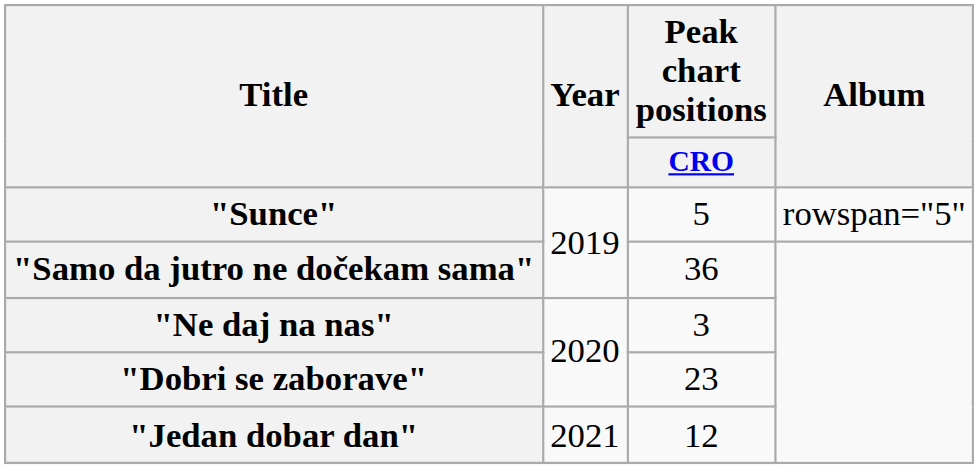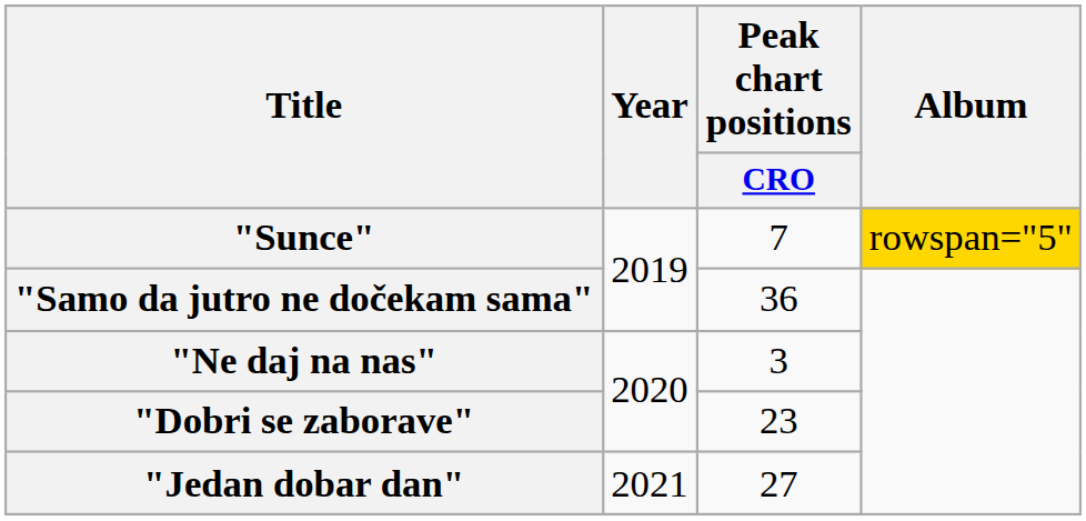 <table class="wikitable plainrowheaders" style="text-align:center;">
 <tr>
 <th scope="col" rowspan="2">Title</th>
 <th scope="col" rowspan="2">Year</th>
 <th scope="col" colspan="1">Peak chart positions</th>
 <th scope="col" rowspan="2">Album</th>
 </tr>
 <tr>
 <th scope="col" style="width:3em; font-size:85%;"><a href='#'>CRO</a><br></th>
 </tr>
 <tr>
 <th scope="row">"Sunce"</th>
 <td rowspan="2">2019</td>
-<td>5</td>
-<td>rowspan="5" </td>
+<td>7</td>
+<td style="background: gold;">rowspan="5" </td>
 </tr>
 <tr>
 <th scope="row">"Samo da jutro ne dočekam sama"</th>
 <td>36</td>
 </tr>
 <tr>
 <th scope="row">"Ne daj na nas"</th>
 <td rowspan="2">2020</td>
 <td>3</td>
 </tr>
 <tr>
 <th scope="row">"Dobri se zaborave"</th>
 <td>23</td>
 </tr>
 <tr>
 <th scope="row">"Jedan dobar dan"</th>
 <td rowspan="1">2021</td>
-<td>12</td>
+<td>27</td>
 </tr>
 <tr>
 </tr>
 </table>
